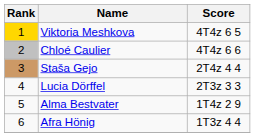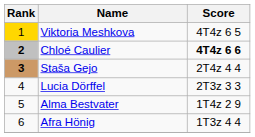 <table class="wikitable">
 <tr>
 <th>Rank</th>
 <th width = "200">Name</th>
 <th width = "80">Score</th>
 </tr>
 <tr>
 <td align="center" style="background: gold">1</td>
 <td> <a href='#'>Viktoria Meshkova</a></td>
 <td align="center">4T4z 6 5</td>
 </tr>
 <tr>
-<td align="center" style="background: silver">2</td>
+<td align="center" style="background: silver"><strong>2</strong></td>
 <td> <a href='#'>Chloé Caulier</a></td>
-<td align="center">4T4z 6 6</td>
+<td align="center"><strong>4T4z 6 6</strong></td>
 </tr>
 <tr>
-<td align="center" style="background: #cc9966">3</td>
+<td align="center" style="background: #cc9966"><strong>3</strong></td>
 <td> <a href='#'>Staša Gejo</a></td>
 <td align="center">2T4z 4 4</td>
 </tr>
 <tr>
 <td align="center">4</td>
 <td> <a href='#'>Lucia Dörffel</a></td>
 <td align="center">2T3z 3 3</td>
 </tr>
 <tr>
 <td align="center">5</td>
 <td> <a href='#'>Alma Bestvater</a></td>
 <td align="center">1T4z 2 9</td>
 </tr>
 <tr>
 <td align="center">6</td>
 <td> <a href='#'>Afra Hönig</a></td>
 <td align="center">1T3z 4 4</td>
 </tr>
 <tr>
 </tr>
 </table>
